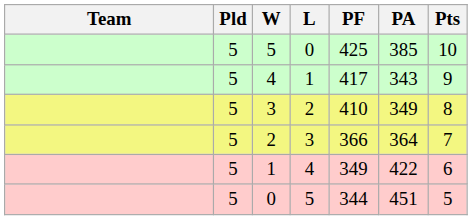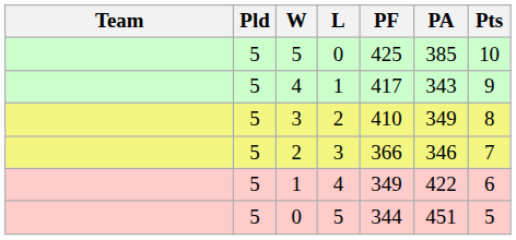 <table class="wikitable" style="text-align:center;">
 <tr>
 <th width=170>Team</th>
 <th width=25>Pld</th>
 <th width=25>W</th>
 <th width=25>L</th>
 <th width=35>PF</th>
 <th width=35>PA</th>
 <th width=25>Pts</th>
 </tr>
 <tr bgcolor=#ccffcc>
 <td align="left"></td>
 <td>5</td>
 <td>5</td>
 <td>0</td>
 <td>425</td>
 <td>385</td>
 <td>10</td>
 </tr>
 <tr bgcolor=#ccffcc>
 <td align="left"></td>
 <td>5</td>
 <td>4</td>
 <td>1</td>
 <td>417</td>
 <td>343</td>
 <td>9</td>
 </tr>
 <tr bgcolor=#F3F781>
 <td align="left"></td>
 <td>5</td>
 <td>3</td>
 <td>2</td>
 <td>410</td>
 <td>349</td>
 <td>8</td>
 </tr>
 <tr bgcolor=#F3F781>
 <td align="left"></td>
 <td>5</td>
 <td>2</td>
 <td>3</td>
 <td>366</td>
-<td>364</td>
+<td>346</td>
 <td>7</td>
 </tr>
 <tr bgcolor=#ffcccc>
 <td align="left"></td>
 <td>5</td>
 <td>1</td>
 <td>4</td>
 <td>349</td>
 <td>422</td>
 <td>6</td>
 </tr>
 <tr bgcolor=#ffcccc>
 <td align="left"></td>
 <td>5</td>
 <td>0</td>
 <td>5</td>
 <td>344</td>
 <td>451</td>
 <td>5</td>
 </tr>
 </table>
